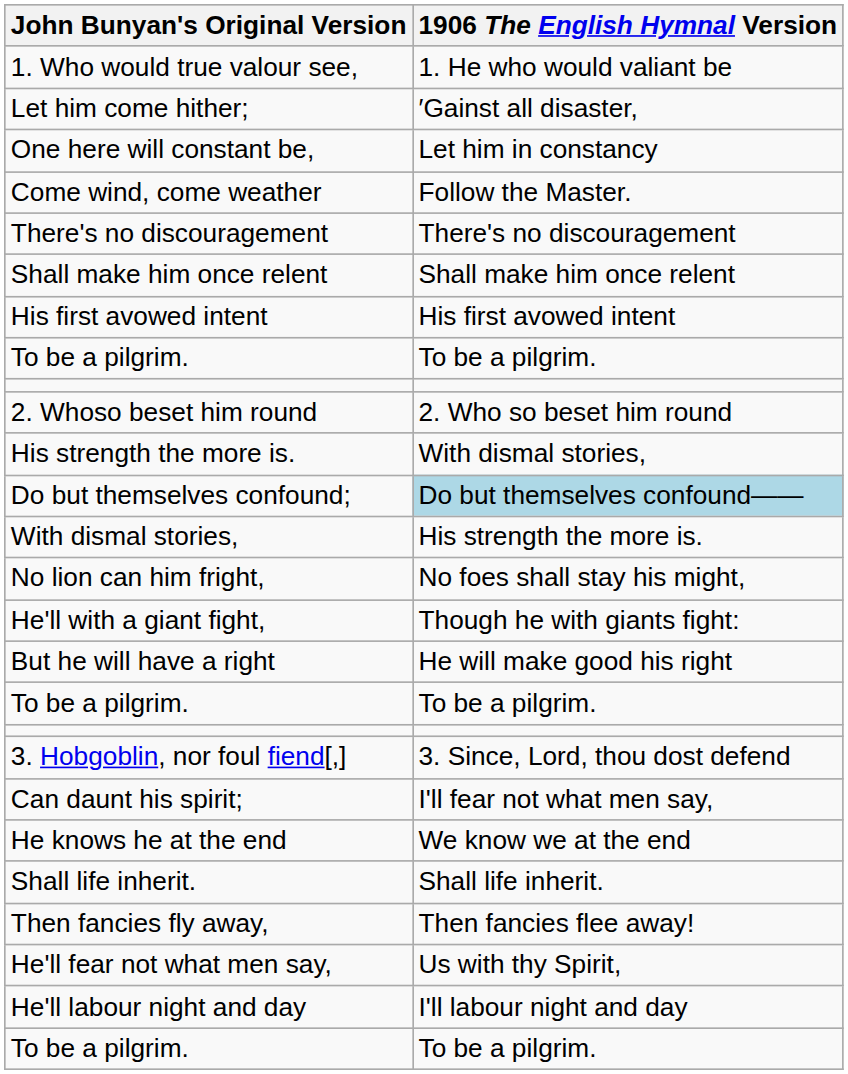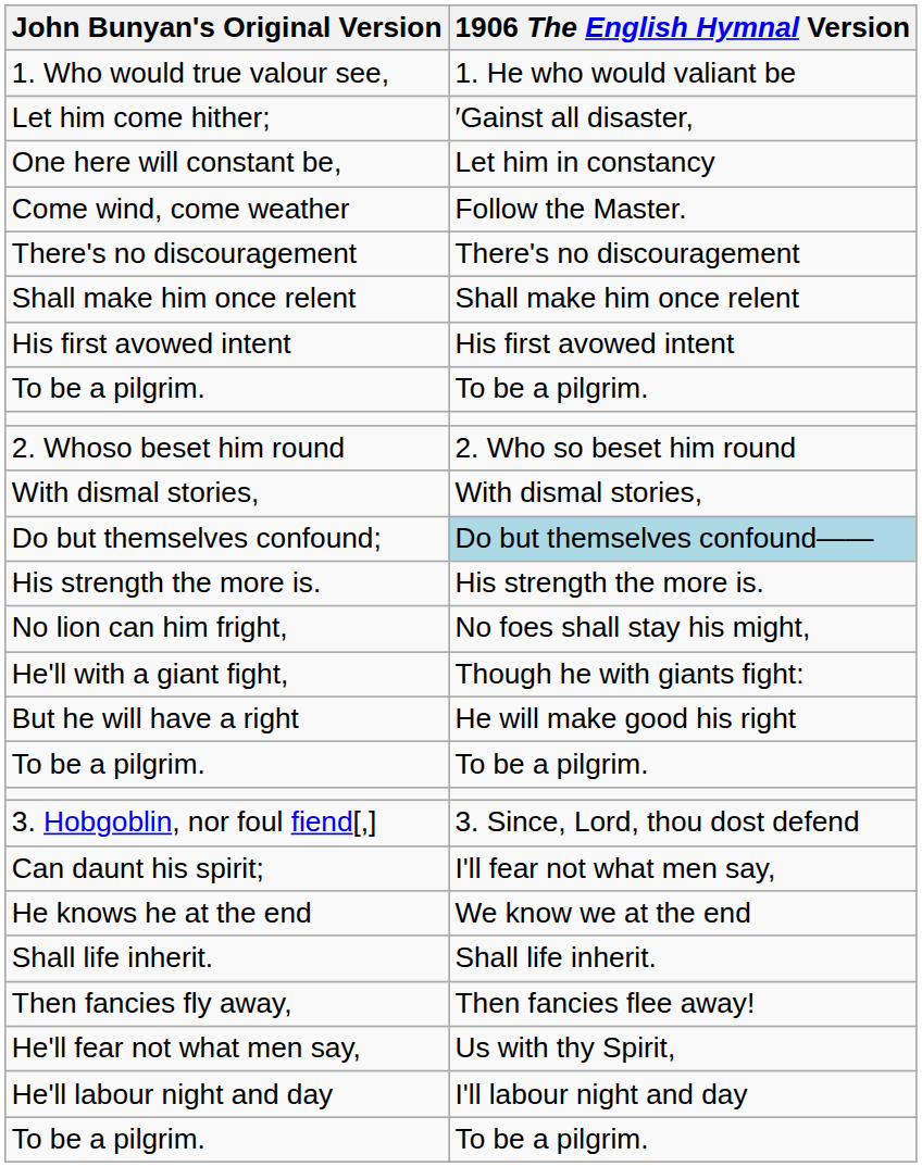 <table class="wikitable">
 <tr>
 <th>John Bunyan's Original Version</th>
 <th>1906 <em>The <a href='#'>English Hymnal</a></em> Version</th>
 </tr>
 <tr>
 <td>1.  Who would true valour see,</td>
 <td>1.  He who would valiant be</td>
 </tr>
 <tr>
 <td>Let him come hither;</td>
 <td>′Gainst all disaster,</td>
 </tr>
 <tr>
 <td>One here will constant be,</td>
 <td>Let him in constancy</td>
 </tr>
 <tr>
 <td>Come wind, come weather</td>
 <td>Follow the Master.</td>
 </tr>
 <tr>
 <td>There's no discouragement</td>
 <td>There's no discouragement</td>
 </tr>
 <tr>
 <td>Shall make him once relent</td>
 <td>Shall make him once relent</td>
 </tr>
 <tr>
 <td>His first avowed intent</td>
 <td>His first avowed intent</td>
 </tr>
 <tr>
 <td>To be a pilgrim.</td>
 <td>To be a pilgrim.</td>
 </tr>
 <tr>
 <td></td>
 <td></td>
 </tr>
 <tr>
 <td>2.  Whoso beset him round</td>
 <td>2.  Who so beset him round</td>
 </tr>
 <tr>
-<td>His strength the more is.</td>
+<td>With dismal stories,</td>
 <td>With dismal stories,</td>
 </tr>
 <tr>
 <td>Do but themselves confound;</td>
 <td style="background: lightblue;">Do but themselves confound——</td>
 </tr>
 <tr>
-<td>With dismal stories,</td>
+<td>His strength the more is.</td>
 <td>His strength the more is.</td>
 </tr>
 <tr>
 <td>No lion can him fright,</td>
 <td>No foes shall stay his might,</td>
 </tr>
 <tr>
 <td>He'll with a giant fight,</td>
 <td>Though he with giants fight:</td>
 </tr>
 <tr>
 <td>But he will have a right</td>
 <td>He will make good his right</td>
 </tr>
 <tr>
 <td>To be a pilgrim.</td>
 <td>To be a pilgrim.</td>
 </tr>
 <tr>
 <td></td>
 <td></td>
 </tr>
 <tr>
 <td>3.  <a href='#'>Hobgoblin</a>, nor foul <a href='#'>fiend</a>[,]</td>
 <td>3.  Since, Lord, thou dost defend</td>
 </tr>
 <tr>
 <td>Can daunt his spirit;</td>
 <td>I'll fear not what men say,</td>
 </tr>
 <tr>
 <td>He knows he at the end</td>
 <td>We know we at the end</td>
 </tr>
 <tr>
 <td>Shall life inherit.</td>
 <td>Shall life inherit.</td>
 </tr>
 <tr>
 <td>Then fancies fly away,</td>
 <td>Then fancies flee away!</td>
 </tr>
 <tr>
 <td>He'll fear not what men say,</td>
 <td>Us with thy Spirit,</td>
 </tr>
 <tr>
 <td>He'll labour night and day</td>
 <td>I'll labour night and day</td>
 </tr>
 <tr>
 <td>To be a pilgrim.</td>
 <td>To be a pilgrim.</td>
 </tr>
 </table>
